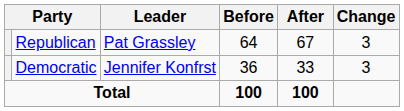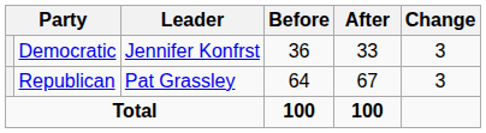 <table class="wikitable" style="text-align:center;">
 <tr>
 </tr>
 <tr>
 <th colspan="2">Party</th>
 <th>Leader</th>
 <th style="width:3em">Before</th>
 <th style="width:3em">After</th>
 <th style="width:3em">Change</th>
 </tr>
 <tr>
 <th style="background-color:"></th>
+<td style="text-align:left;"><a href='#'>Democratic</a></td>
+<td style="text-align:left;"><a href='#'>Jennifer Konfrst</a></td>
+<td>36</td>
+<td>33</td>
+<td> 3</td>
+</tr>
+<tr>
+<th style="background-color:"></th>
 <td style="text-align:left;"><a href='#'>Republican</a></td>
 <td style="text-align:left;"><a href='#'>Pat Grassley</a></td>
 <td>64</td>
 <td>67</td>
-<td> 3</td>
-</tr>
-<tr>
-<th style="background-color:"></th>
-<td style="text-align:left;"><a href='#'>Democratic</a></td>
-<td style="text-align:left;"><a href='#'>Jennifer Konfrst</a></td>
-<td>36</td>
-<td>33</td>
 <td> 3</td>
 </tr>
 <tr>
 <td colspan="3"><strong>Total</strong></td>
 <td><strong>100</strong></td>
 <td><strong>100</strong></td>
 <td></td>
 </tr>
 </table>
